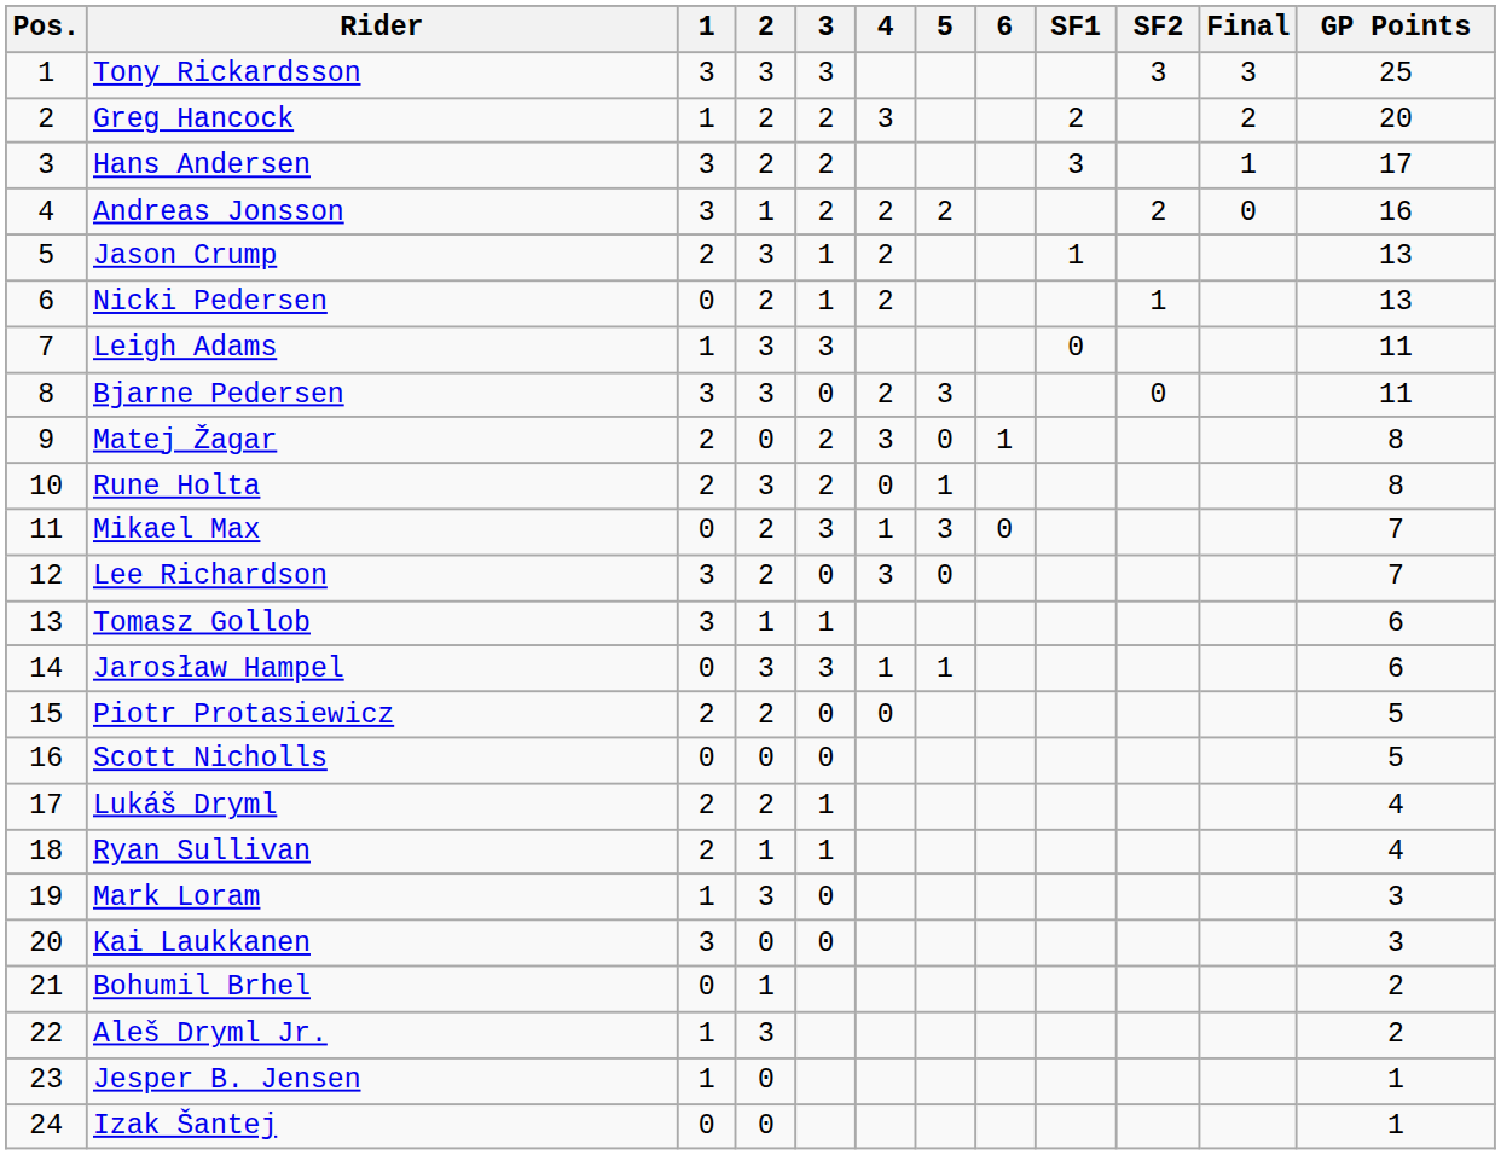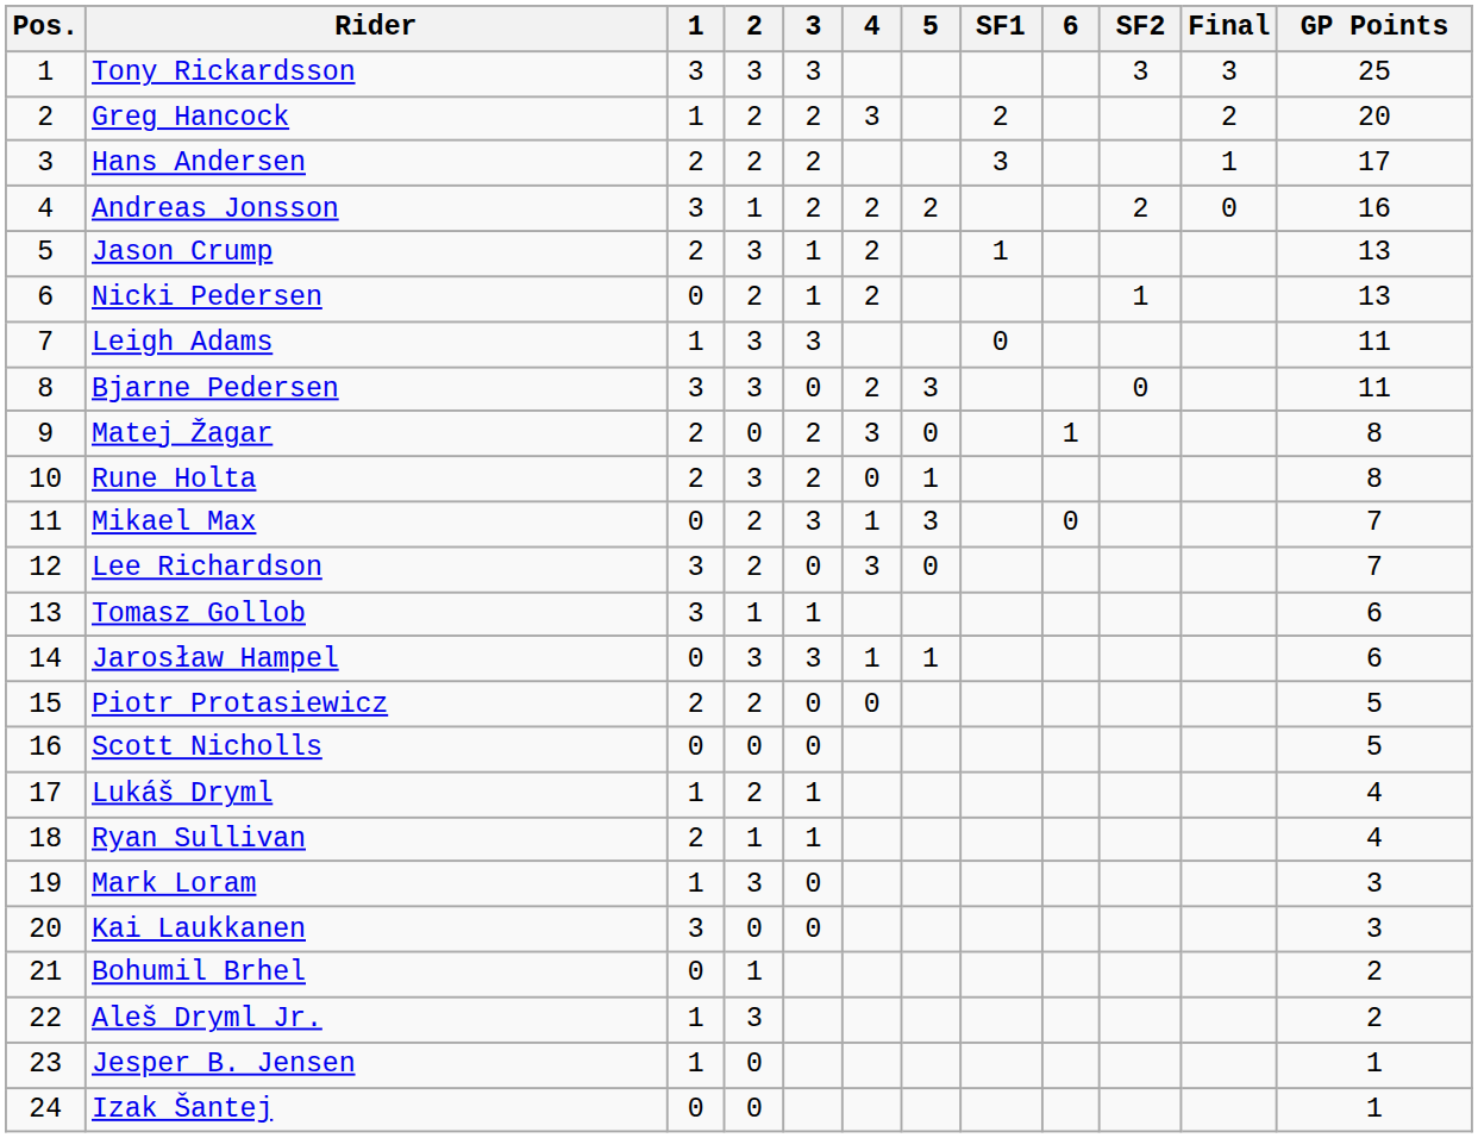 <table class=wikitable style="font-size:93%;">
 <tr>
 <th width=25px>Pos.</th>
 <th width=250px>Rider</th>
 <th width=20px>1</th>
 <th width=20px>2</th>
 <th width=20px>3</th>
 <th width=20px>4</th>
 <th width=20px>5</th>
+<th width=30px>SF1</th>
 <th width=20px>6</th>
-<th width=30px>SF1</th>
 <th width=30px>SF2</th>
 <th width=30px>Final</th>
 <th width=80px>GP Points</th>
 </tr>
 <tr align=center style="background-color:">
 <td>1</td>
 <td align=left> <a href='#'>Tony Rickardsson</a></td>
 <td>3</td>
 <td>3</td>
 <td>3</td>
 <td></td>
 <td></td>
 <td></td>
 <td></td>
 <td>3</td>
 <td>3</td>
 <td>25</td>
 </tr>
 <tr align=center style="background-color:">
 <td>2</td>
 <td align=left> <a href='#'>Greg Hancock</a></td>
 <td>1</td>
 <td>2</td>
 <td>2</td>
 <td>3</td>
 <td></td>
+<td> 2</td>
 <td></td>
-<td> 2</td>
 <td></td>
 <td>2</td>
 <td>20</td>
 </tr>
 <tr align=center style="background-color:">
 <td>3</td>
 <td align=left> <a href='#'>Hans Andersen</a></td>
-<td>3</td>
+<td>2</td>
 <td>2</td>
 <td>2</td>
 <td></td>
 <td></td>
+<td>3</td>
 <td></td>
-<td>3</td>
 <td></td>
 <td>1</td>
 <td>17</td>
 </tr>
 <tr align=center>
 <td>4</td>
 <td align=left> <a href='#'>Andreas Jonsson</a></td>
 <td>3</td>
 <td>1</td>
 <td>2</td>
 <td>2</td>
 <td>2</td>
 <td></td>
 <td></td>
 <td>2</td>
 <td>0</td>
 <td>16</td>
 </tr>
 <tr align=center>
 <td>5</td>
 <td align=left> <a href='#'>Jason Crump</a></td>
 <td>2</td>
 <td>3</td>
 <td>1</td>
 <td>2</td>
 <td></td>
+<td>1</td>
 <td></td>
-<td>1</td>
 <td></td>
 <td></td>
 <td>13</td>
 </tr>
 <tr align=center>
 <td>6</td>
 <td align=left> <a href='#'>Nicki Pedersen</a></td>
 <td>0</td>
 <td>2</td>
 <td>1</td>
 <td>2</td>
 <td></td>
 <td></td>
 <td></td>
 <td>1</td>
 <td></td>
 <td>13</td>
 </tr>
 <tr align=center>
 <td>7</td>
 <td align=left> <a href='#'>Leigh Adams</a></td>
 <td>1</td>
 <td>3</td>
 <td>3</td>
 <td></td>
 <td></td>
+<td>0</td>
 <td></td>
-<td>0</td>
 <td></td>
 <td></td>
 <td>11</td>
 </tr>
 <tr align=center>
 <td>8</td>
 <td align=left> <a href='#'>Bjarne Pedersen</a></td>
 <td>3</td>
 <td>3</td>
 <td>0</td>
 <td>2</td>
 <td>3</td>
 <td></td>
 <td></td>
 <td>0</td>
 <td></td>
 <td>11</td>
 </tr>
 <tr align=center>
 <td>9</td>
 <td align=left> <a href='#'>Matej Žagar</a></td>
 <td>2</td>
 <td>0</td>
 <td>2</td>
 <td>3</td>
 <td>0</td>
+<td></td>
 <td>1</td>
-<td></td>
 <td></td>
 <td></td>
 <td>8</td>
 </tr>
 <tr align=center>
 <td>10</td>
 <td align=left> <a href='#'>Rune Holta</a></td>
 <td>2</td>
 <td>3</td>
 <td>2</td>
 <td>0</td>
 <td>1</td>
 <td></td>
 <td></td>
 <td></td>
 <td></td>
 <td>8</td>
 </tr>
 <tr align=center>
 <td>11</td>
 <td align=left> <a href='#'>Mikael Max</a></td>
 <td>0</td>
 <td>2</td>
 <td>3</td>
 <td>1</td>
 <td>3</td>
+<td></td>
 <td>0</td>
-<td></td>
 <td></td>
 <td></td>
 <td>7</td>
 </tr>
 <tr align=center>
 <td>12</td>
 <td align=left> <a href='#'>Lee Richardson</a></td>
 <td>3</td>
 <td>2</td>
 <td>0</td>
 <td>3</td>
 <td>0</td>
 <td></td>
 <td></td>
 <td></td>
 <td></td>
 <td>7</td>
 </tr>
 <tr align=center>
 <td>13</td>
 <td align=left> <a href='#'>Tomasz Gollob</a></td>
 <td>3</td>
 <td>1</td>
 <td>1</td>
 <td></td>
 <td></td>
 <td></td>
 <td></td>
 <td></td>
 <td></td>
 <td>6</td>
 </tr>
 <tr align=center>
 <td>14</td>
 <td align=left> <a href='#'>Jarosław Hampel</a></td>
 <td>0</td>
 <td>3</td>
 <td>3</td>
 <td>1</td>
 <td>1</td>
 <td></td>
 <td></td>
 <td></td>
 <td></td>
 <td>6</td>
 </tr>
 <tr align=center>
 <td>15</td>
 <td align=left> <a href='#'>Piotr Protasiewicz</a></td>
 <td>2</td>
 <td>2</td>
 <td>0</td>
 <td>0</td>
 <td></td>
 <td></td>
 <td></td>
 <td></td>
 <td></td>
 <td>5</td>
 </tr>
 <tr align=center>
 <td>16</td>
 <td align=left> <a href='#'>Scott Nicholls</a></td>
 <td>0</td>
 <td>0</td>
 <td>0</td>
 <td></td>
 <td></td>
 <td></td>
 <td></td>
 <td></td>
 <td></td>
 <td>5</td>
 </tr>
 <tr align=center>
 <td>17</td>
 <td align=left> <a href='#'>Lukáš Dryml</a></td>
-<td>2</td>
+<td>1</td>
 <td>2</td>
 <td>1</td>
 <td></td>
 <td></td>
 <td></td>
 <td></td>
 <td></td>
 <td></td>
 <td>4</td>
 </tr>
 <tr align=center>
 <td>18</td>
 <td align=left> <a href='#'>Ryan Sullivan</a></td>
 <td>2</td>
 <td>1</td>
 <td>1</td>
 <td></td>
 <td></td>
 <td></td>
 <td></td>
 <td></td>
 <td></td>
 <td>4</td>
 </tr>
 <tr align=center>
 <td>19</td>
 <td align=left> <a href='#'>Mark Loram</a></td>
 <td>1</td>
 <td>3</td>
 <td>0</td>
 <td></td>
 <td></td>
 <td></td>
 <td></td>
 <td></td>
 <td></td>
 <td>3</td>
 </tr>
 <tr align=center>
 <td>20</td>
 <td align=left> <a href='#'>Kai Laukkanen</a></td>
 <td>3</td>
 <td>0</td>
 <td>0</td>
 <td></td>
 <td></td>
 <td></td>
 <td></td>
 <td></td>
 <td></td>
 <td>3</td>
 </tr>
 <tr align=center>
 <td>21</td>
 <td align=left> <a href='#'>Bohumil Brhel</a></td>
 <td>0</td>
 <td>1</td>
 <td></td>
 <td></td>
 <td></td>
 <td></td>
 <td></td>
 <td></td>
 <td></td>
 <td>2</td>
 </tr>
 <tr align=center>
 <td>22</td>
 <td align=left> <a href='#'>Aleš Dryml Jr.</a></td>
 <td>1</td>
 <td>3</td>
 <td></td>
 <td></td>
 <td></td>
 <td></td>
 <td></td>
 <td></td>
 <td></td>
 <td>2</td>
 </tr>
 <tr align=center>
 <td>23</td>
 <td align=left> <a href='#'>Jesper B. Jensen</a></td>
 <td>1</td>
 <td>0</td>
 <td></td>
 <td></td>
 <td></td>
 <td></td>
 <td></td>
 <td></td>
 <td></td>
 <td>1</td>
 </tr>
 <tr align=center>
 <td>24</td>
 <td align=left> <a href='#'>Izak Šantej</a></td>
 <td>0</td>
 <td>0</td>
 <td></td>
 <td></td>
 <td></td>
 <td></td>
 <td></td>
 <td></td>
 <td></td>
 <td>1</td>
 </tr>
 </table>
